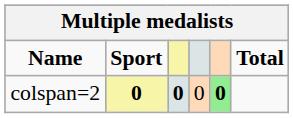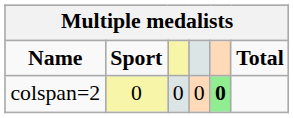 <table class=wikitable style="font-size:85%; float:right; text-align:center">
 <tr bgcolor=EFEFEF>
 <th colspan=7>Multiple medalists</th>
 </tr>
 <tr>
 <td><strong>Name</strong></td>
 <td><strong>Sport</strong></td>
 <td bgcolor=F7F6A8></td>
 <td bgcolor=DCE5E5></td>
 <td bgcolor=FFDAB9></td>
 <td><strong>Total</strong></td>
 </tr>
 <tr>
 <td>colspan=2 </td>
-<td bgcolor=F7F6A8><strong>0</strong></td>
-<td bgcolor=DCE5E5><strong>0</strong></td>
+<td bgcolor=F7F6A8>0</td>
+<td bgcolor=DCE5E5>0</td>
 <td bgcolor=FFDAB9>0</td>
 <td style="background: lightgreen;"><strong>0</strong></td>
 </tr>
 </table>
